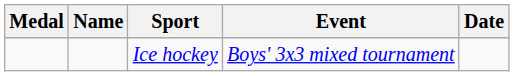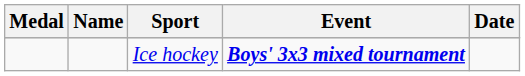 <table class="wikitable sortable" style="font-size: 95%;">
 <tr>
 <th>Medal</th>
 <th>Name</th>
 <th>Sport</th>
 <th>Event</th>
 <th>Date</th>
 </tr>
 <tr>
 </tr>
 <tr>
 <td><em></em></td>
 <td><em></em></td>
 <td><em><a href='#'>Ice hockey</a></em></td>
-<td><em><a href='#'>Boys' 3x3 mixed tournament</a></em></td>
+<td><strong><em><a href='#'>Boys' 3x3 mixed tournament</a></em></strong></td>
 <td><em></em></td>
 </tr>
 </table>
